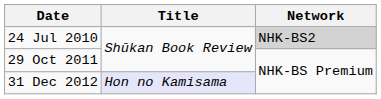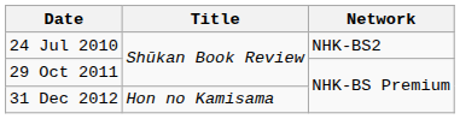 <table class="wikitable">
 <tr>
 <th>Date</th>
 <th>Title</th>
 <th>Network</th>
 </tr>
 <tr>
 <td>24 Jul 2010</td>
 <td rowspan="2"><em>Shūkan Book Review</em></td>
-<td style="background: lightgrey;">NHK-BS2</td>
+<td>NHK-BS2</td>
 </tr>
 <tr>
 <td>29 Oct 2011</td>
 <td rowspan="2">NHK-BS Premium</td>
 </tr>
 <tr>
 <td>31 Dec 2012</td>
-<td style="background: lavender;"><em>Hon no Kamisama</em></td>
+<td><em>Hon no Kamisama</em></td>
 </tr>
 </table>
